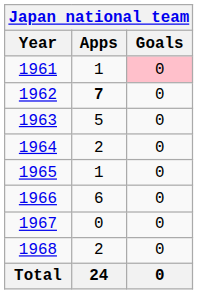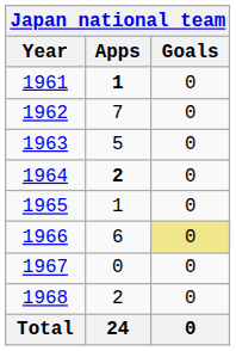 <table class="wikitable" style="text-align:center">
 <tr>
 <th colspan=3><a href='#'>Japan national team</a></th>
 </tr>
 <tr>
 <th>Year</th>
 <th>Apps</th>
 <th>Goals</th>
 </tr>
 <tr>
 <td><a href='#'>1961</a></td>
-<td>1</td>
-<td style="background: pink;">0</td>
+<td><strong>1</strong></td>
+<td>0</td>
 </tr>
 <tr>
 <td><a href='#'>1962</a></td>
-<td><strong>7</strong></td>
+<td>7</td>
 <td>0</td>
 </tr>
 <tr>
 <td><a href='#'>1963</a></td>
 <td>5</td>
 <td>0</td>
 </tr>
 <tr>
 <td><a href='#'>1964</a></td>
-<td>2</td>
+<td><strong>2</strong></td>
 <td>0</td>
 </tr>
 <tr>
 <td><a href='#'>1965</a></td>
 <td>1</td>
 <td>0</td>
 </tr>
 <tr>
 <td><a href='#'>1966</a></td>
 <td>6</td>
-<td>0</td>
+<td style="background: khaki;">0</td>
 </tr>
 <tr>
 <td><a href='#'>1967</a></td>
 <td>0</td>
 <td>0</td>
 </tr>
 <tr>
 <td><a href='#'>1968</a></td>
 <td>2</td>
 <td>0</td>
 </tr>
 <tr>
 <th>Total</th>
 <th>24</th>
 <th>0</th>
 </tr>
 </table>
